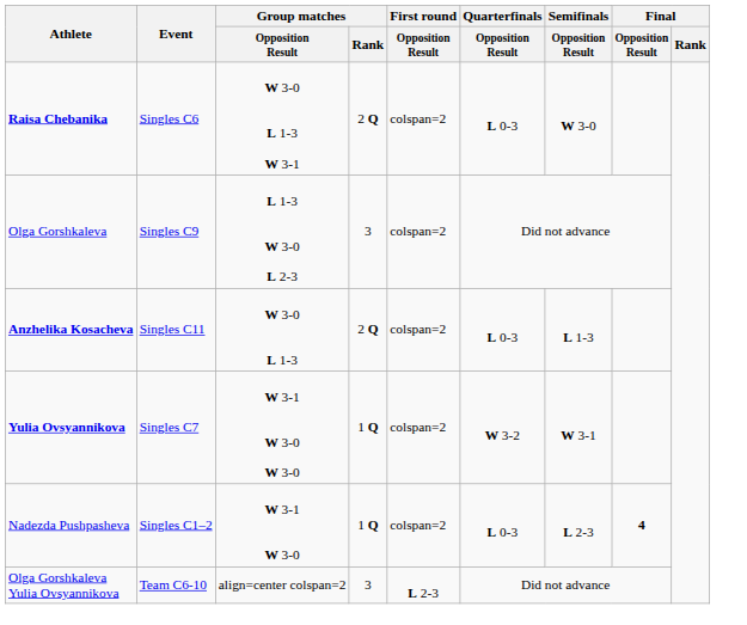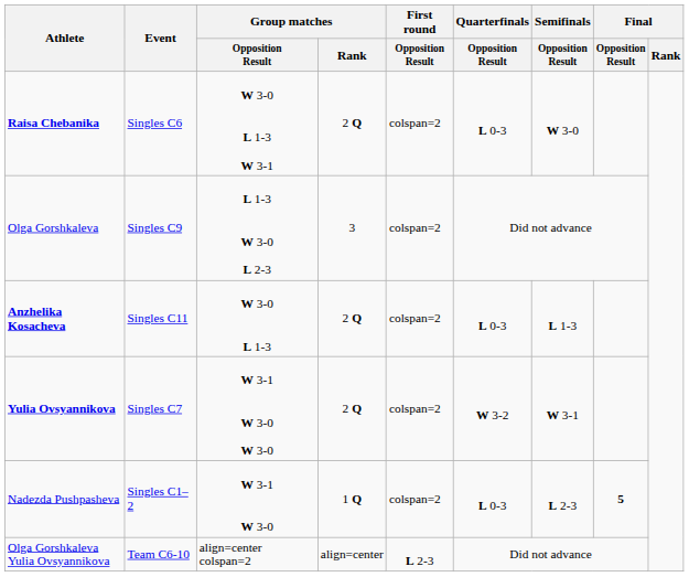 <table class=wikitable>
 <tr>
 <th rowspan="2">Athlete</th>
 <th rowspan="2">Event</th>
 <th colspan="2">Group matches</th>
 <th>First round</th>
 <th>Quarterfinals</th>
 <th>Semifinals</th>
 <th colspan="2">Final</th>
 </tr>
 <tr>
 <th style="line-height:1em"><small>Opposition<br>Result</small></th>
 <th>Rank</th>
 <th style="line-height:1em"><small>Opposition<br>Result</small></th>
 <th style="line-height:1em"><small>Opposition<br>Result</small></th>
 <th style="line-height:1em"><small>Opposition<br>Result</small></th>
 <th style="line-height:1em"><small>Opposition<br>Result</small></th>
 <th>Rank</th>
 </tr>
 <tr>
 <td><strong><a href='#'>Raisa Chebanika</a></strong></td>
 <td><a href='#'>Singles C6</a></td>
 <td align=center><br><strong>W</strong> 3-0<br><br><br><strong>L</strong> 1-3<br> <br><strong>W</strong> 3-1</td>
 <td align=center>2 <strong>Q</strong></td>
 <td>colspan=2 </td>
 <td align=center><br><strong>L</strong> 0-3</td>
 <td align=center><br><strong>W</strong> 3-0</td>
 <td align=center></td>
 </tr>
 <tr>
 <td><a href='#'>Olga Gorshkaleva</a></td>
 <td><a href='#'>Singles C9</a></td>
 <td align=center><br><strong>L</strong> 1-3<br><br><br><strong>W</strong> 3-0<br> <br><strong>L</strong> 2-3</td>
 <td align=center>3</td>
 <td>colspan=2 </td>
 <td align=center colspan=3>Did not advance</td>
 </tr>
 <tr>
 <td><strong><a href='#'>Anzhelika Kosacheva</a></strong></td>
 <td><a href='#'>Singles C11</a></td>
 <td align=center><br><strong>W</strong> 3-0<br><br><br><strong>L</strong> 1-3</td>
 <td align=center>2 <strong>Q</strong></td>
 <td>colspan=2 </td>
 <td align=center><br><strong>L</strong> 0-3</td>
 <td align=center><br><strong>L</strong> 1-3</td>
 <td align=center></td>
 </tr>
 <tr>
 <td><strong><a href='#'>Yulia Ovsyannikova</a></strong></td>
 <td><a href='#'>Singles C7</a></td>
 <td align=center><br><strong>W</strong> 3-1<br><br><br><strong>W</strong> 3-0<br> <br><strong>W</strong> 3-0</td>
-<td align=center>1 <strong>Q</strong></td>
+<td align=center>2 <strong>Q</strong></td>
 <td>colspan=2 </td>
 <td align=center><br><strong>W</strong> 3-2</td>
 <td align=center><br><strong>W</strong> 3-1</td>
 <td align=center></td>
 </tr>
 <tr>
 <td><a href='#'>Nadezda Pushpasheva</a></td>
 <td><a href='#'>Singles C1–2</a></td>
 <td align=center><br><strong>W</strong> 3-1<br><br><br><strong>W</strong> 3-0</td>
 <td align=center>1 <strong>Q</strong></td>
 <td>colspan=2 </td>
 <td align=center><br><strong>L</strong> 0-3</td>
 <td align=center><br><strong>L</strong> 2-3</td>
-<td align=center><strong>4</strong></td>
+<td align=center><strong>5</strong></td>
 </tr>
 <tr>
 <td><a href='#'>Olga Gorshkaleva</a><br><a href='#'>Yulia Ovsyannikova</a></td>
 <td><a href='#'>Team C6-10</a></td>
 <td>align=center colspan=2 </td>
-<td align=center>3</td>
+<td>align=center </td>
 <td align=center><br><strong>L</strong> 2-3</td>
 <td align=center colspan=3>Did not advance</td>
 </tr>
 </table>
